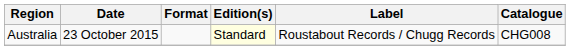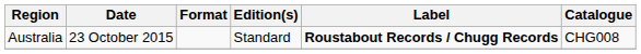 <table class="wikitable plainrowheaders">
 <tr>
 <th scope="col">Region</th>
 <th scope="col">Date</th>
 <th scope="col">Format</th>
 <th scope="col">Edition(s)</th>
 <th scope="col">Label</th>
 <th scope="col">Catalogue</th>
 </tr>
 <tr>
 <td>Australia</td>
 <td>23 October 2015</td>
 <td></td>
-<td style="background: lightyellow;">Standard</td>
-<td>Roustabout Records / Chugg Records</td>
+<td>Standard</td>
+<td><strong>Roustabout Records / Chugg Records</strong></td>
 <td>CHG008</td>
 </tr>
 <tr>
 </tr>
 </table>
